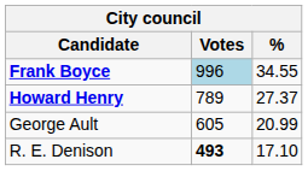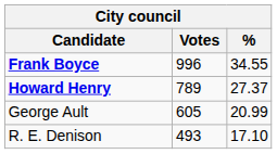 <table class="wikitable">
 <tr>
 <th colspan="3">City council</th>
 </tr>
 <tr>
 <th style="width: 170px">Candidate</th>
 <th style="width: 50px">Votes</th>
 <th style="width: 40px">%</th>
 </tr>
 <tr>
 <td><strong><a href='#'>Frank Boyce</a></strong></td>
-<td style="background: lightblue;">996</td>
+<td>996</td>
 <td>34.55</td>
 </tr>
 <tr>
 <td><strong><a href='#'>Howard Henry</a></strong></td>
 <td>789</td>
 <td>27.37</td>
 </tr>
 <tr>
 <td>George Ault</td>
 <td>605</td>
 <td>20.99</td>
 </tr>
 <tr>
 <td>R. E. Denison</td>
-<td><strong>493</strong></td>
+<td>493</td>
 <td>17.10</td>
 </tr>
 </table>
